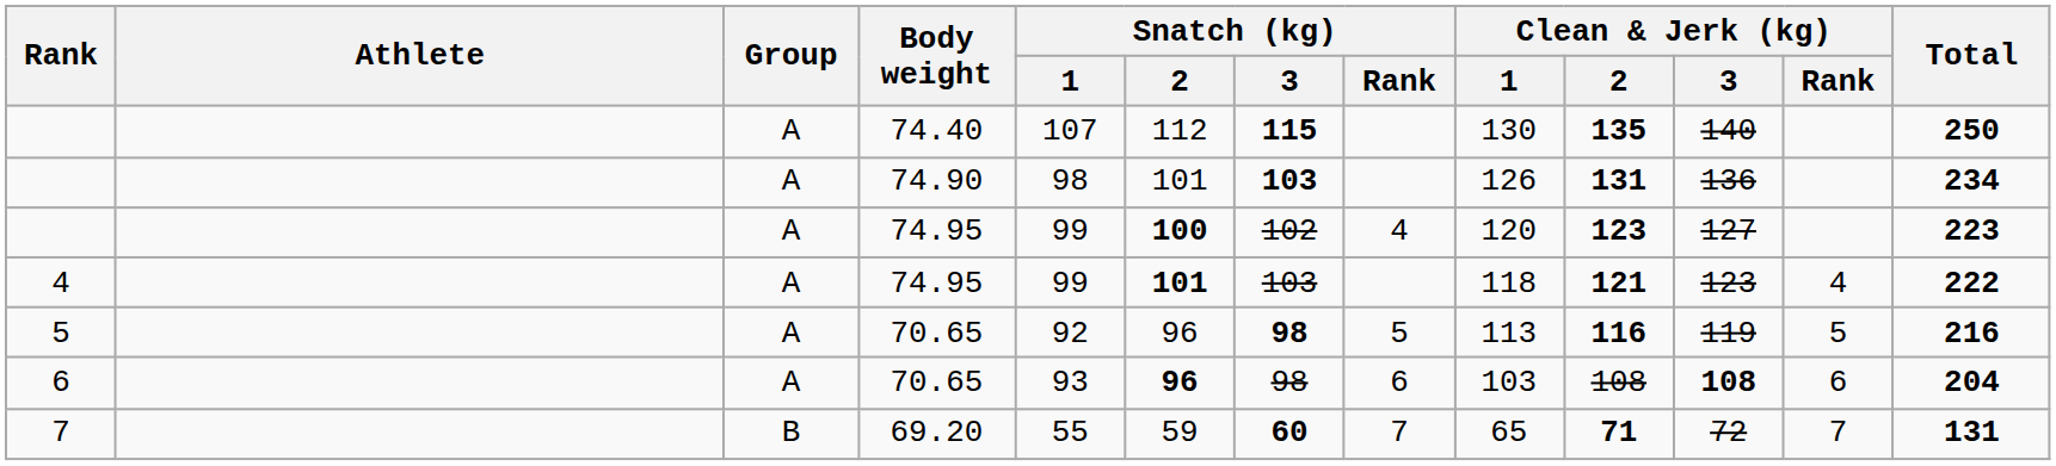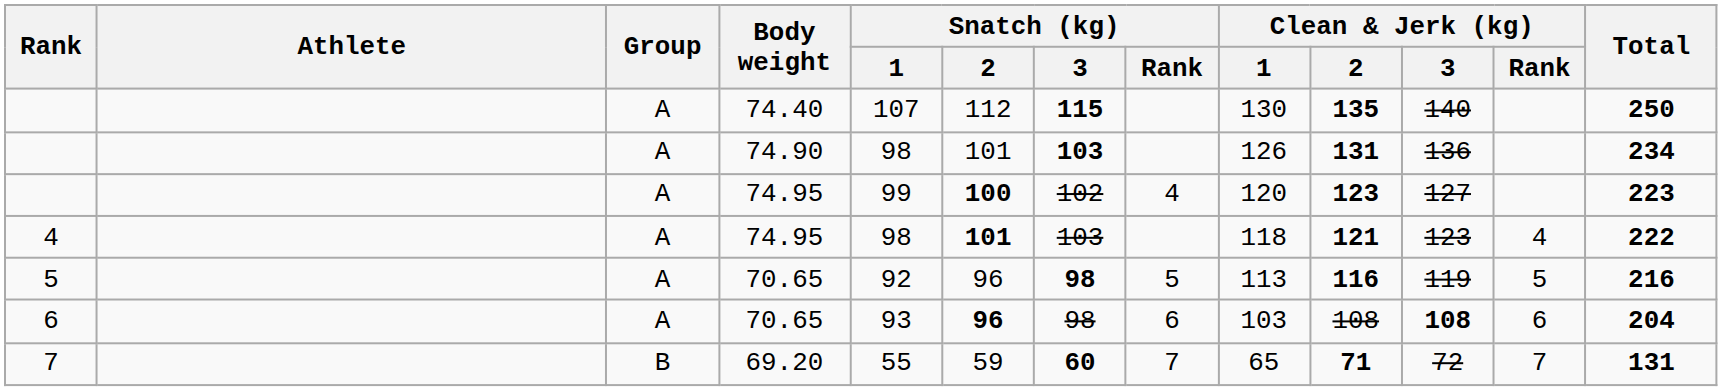 <table class = "wikitable" style="text-align:center;">
 <tr>
 <th rowspan=2 width=40>Rank</th>
 <th rowspan=2 width=250>Athlete</th>
 <th rowspan=2 width=50>Group</th>
 <th rowspan=2 width=60>Body weight</th>
 <th colspan=4>Snatch (kg)</th>
 <th colspan=4>Clean & Jerk (kg)</th>
 <th rowspan=2 width=60>Total</th>
 </tr>
 <tr>
 <th width=40>1</th>
 <th width=40>2</th>
 <th width=40>3</th>
 <th width=40>Rank</th>
 <th width=40>1</th>
 <th width=40>2</th>
 <th width=40>3</th>
 <th width=40>Rank</th>
 </tr>
 <tr>
 <td></td>
 <td align=left></td>
 <td>A</td>
 <td>74.40</td>
 <td>107</td>
 <td>112</td>
 <td><strong>115</strong></td>
 <td></td>
 <td>130</td>
 <td><strong>135</strong></td>
 <td><s>140</s></td>
 <td></td>
 <td><strong>250</strong></td>
 </tr>
 <tr>
 <td></td>
 <td align=left></td>
 <td>A</td>
 <td>74.90</td>
 <td>98</td>
 <td>101</td>
 <td><strong>103</strong></td>
 <td></td>
 <td>126</td>
 <td><strong>131</strong></td>
 <td><s>136</s></td>
 <td></td>
 <td><strong>234</strong></td>
 </tr>
 <tr>
 <td></td>
 <td align=left></td>
 <td>A</td>
 <td>74.95</td>
 <td>99</td>
 <td><strong>100</strong></td>
 <td><s>102</s></td>
 <td>4</td>
 <td>120</td>
 <td><strong>123</strong></td>
 <td><s>127</s></td>
 <td></td>
 <td><strong>223</strong></td>
 </tr>
 <tr>
 <td>4</td>
 <td align=left></td>
 <td>A</td>
 <td>74.95</td>
-<td>99</td>
+<td>98</td>
 <td><strong>101</strong></td>
 <td><s>103</s></td>
 <td></td>
 <td>118</td>
 <td><strong>121</strong></td>
 <td><s>123</s></td>
 <td>4</td>
 <td><strong>222</strong></td>
 </tr>
 <tr>
 <td>5</td>
 <td align=left></td>
 <td>A</td>
 <td>70.65</td>
 <td>92</td>
 <td>96</td>
 <td><strong>98</strong></td>
 <td>5</td>
 <td>113</td>
 <td><strong>116</strong></td>
 <td><s>119</s></td>
 <td>5</td>
 <td><strong>216</strong></td>
 </tr>
 <tr>
 <td>6</td>
 <td align=left></td>
 <td>A</td>
 <td>70.65</td>
 <td>93</td>
 <td><strong>96</strong></td>
 <td><s>98</s></td>
 <td>6</td>
 <td>103</td>
 <td><s>108</s></td>
 <td><strong>108</strong></td>
 <td>6</td>
 <td><strong>204</strong></td>
 </tr>
 <tr>
 <td>7</td>
 <td align=left></td>
 <td>B</td>
 <td>69.20</td>
 <td>55</td>
 <td>59</td>
 <td><strong>60</strong></td>
 <td>7</td>
 <td>65</td>
 <td><strong>71</strong></td>
 <td><s>72</s></td>
 <td>7</td>
 <td><strong>131</strong></td>
 </tr>
 </table>
